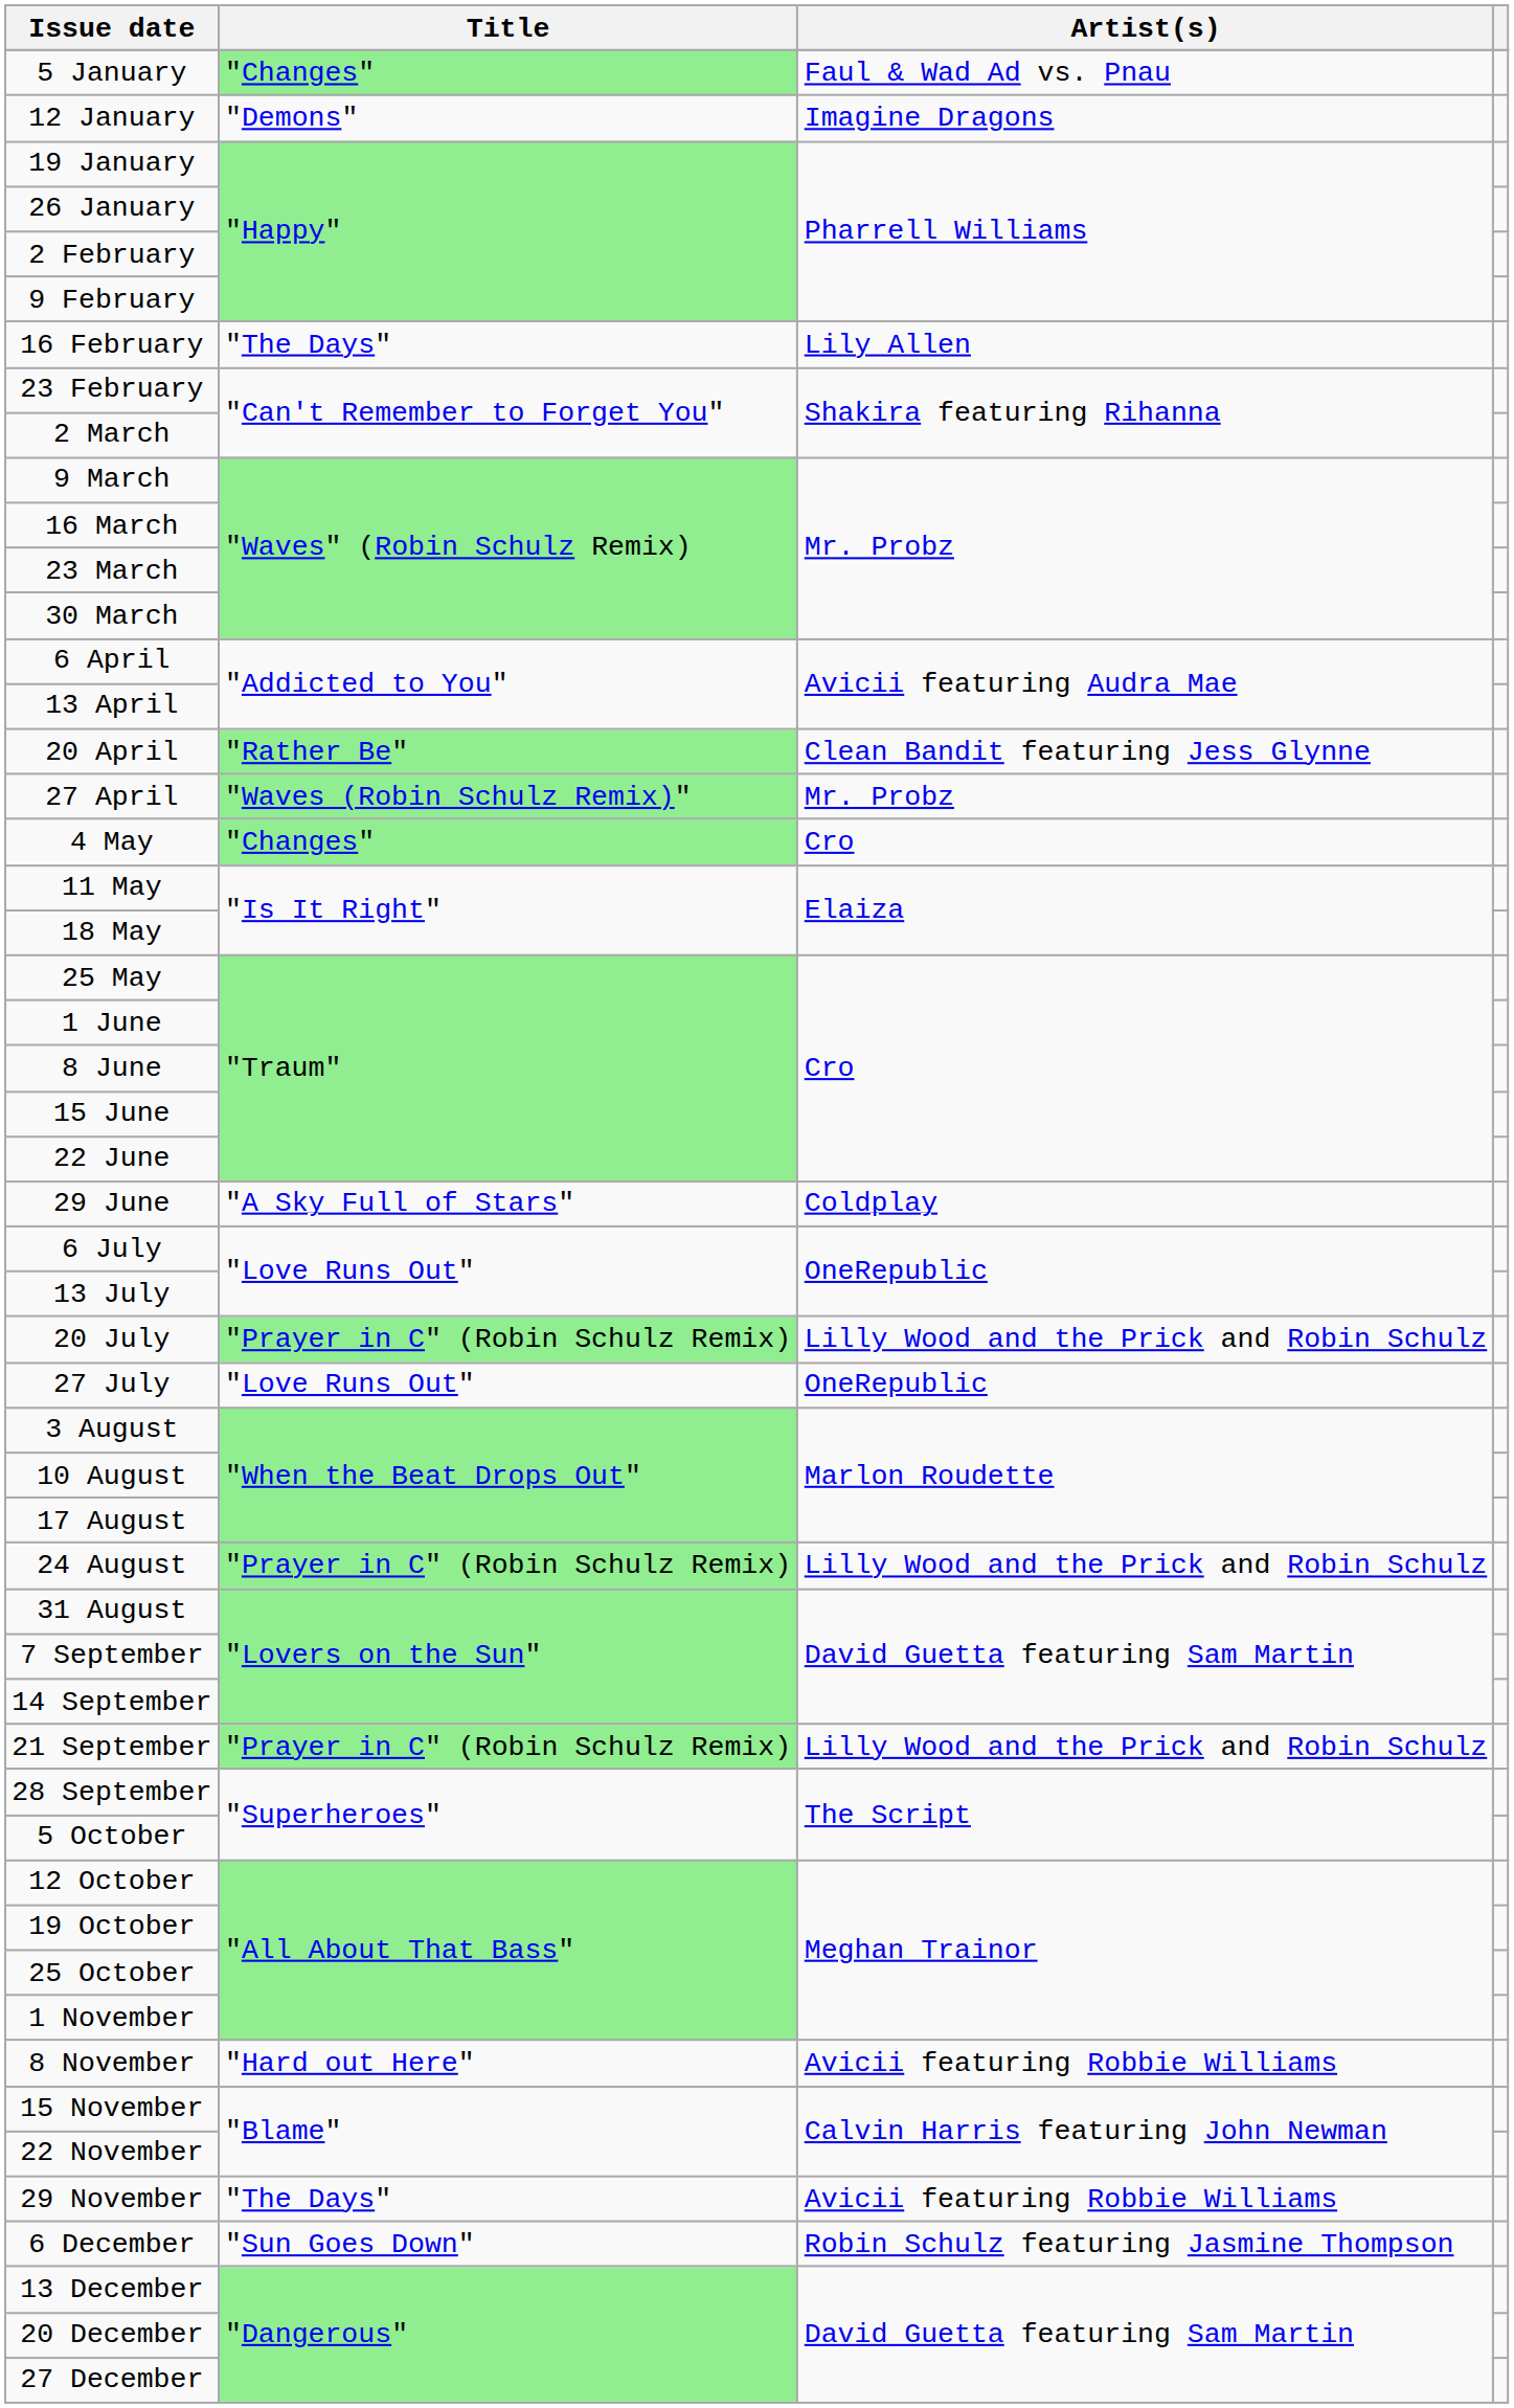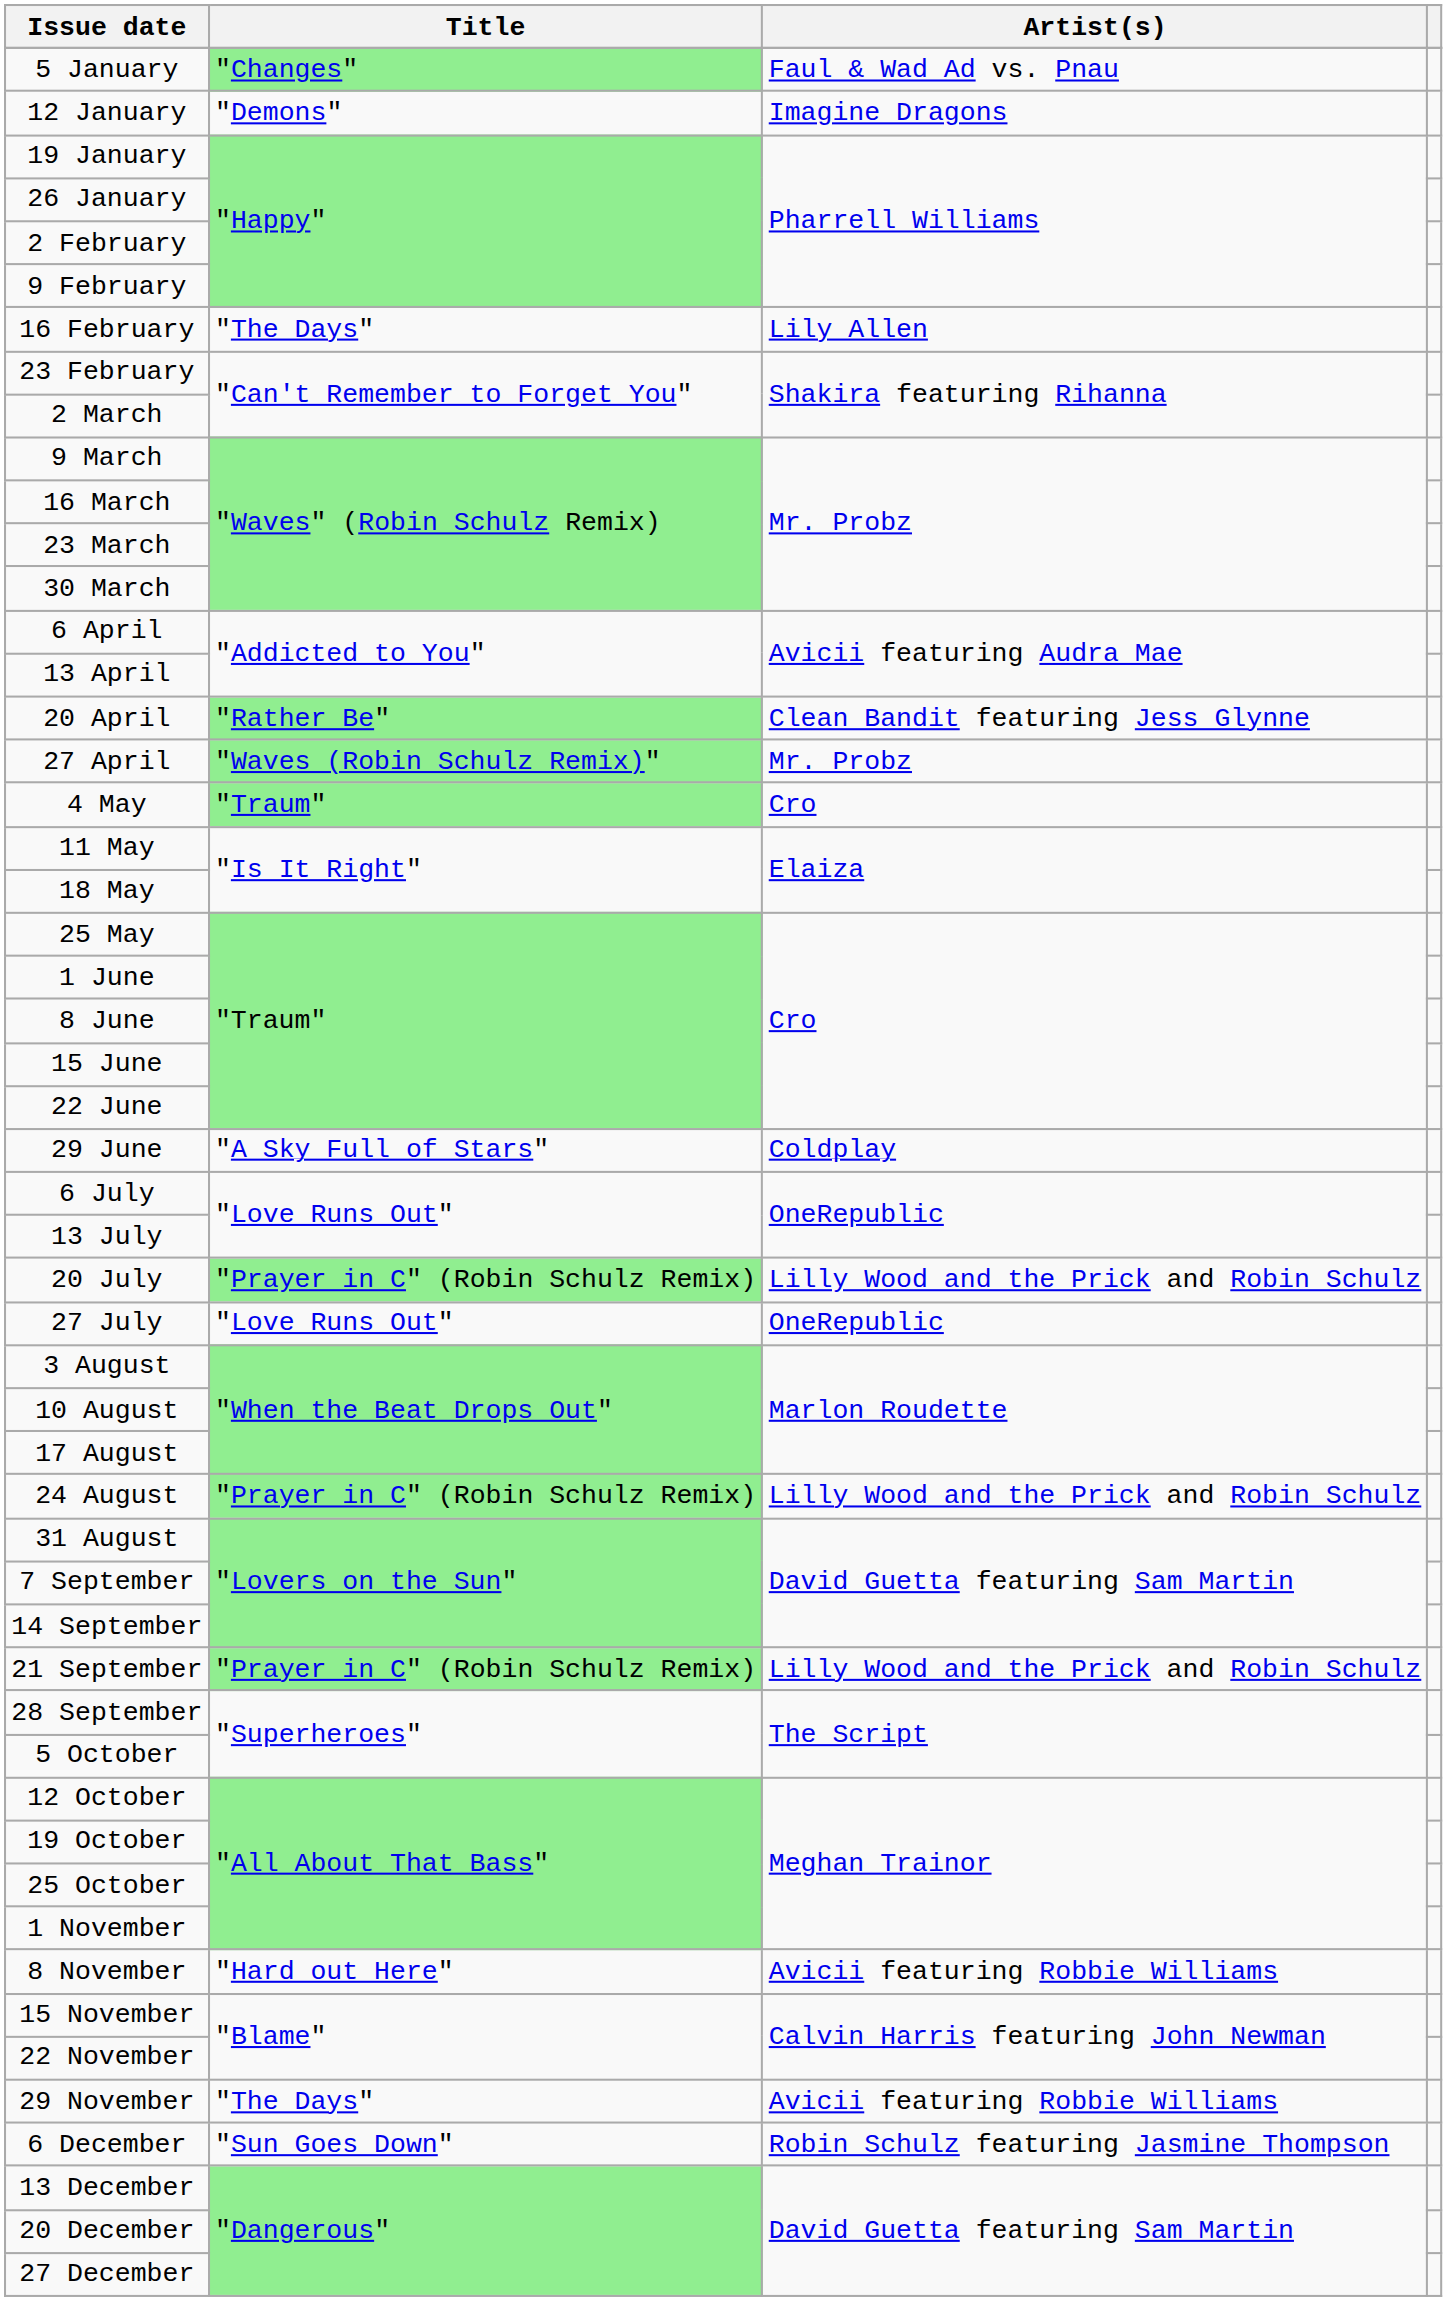 <table class="sortable wikitable sortable plainrowheaders">
 <tr>
 <th scope=col class="sortable">Issue date</th>
 <th scope=col class="sortable">Title</th>
 <th scope=col class="sortable">Artist(s)</th>
 <th scope=col class="unsortable"></th>
 </tr>
 <tr class=unsortable>
 </tr>
 <tr>
 <td scope="row" style="text-align:center;">5 January</td>
 <td scope="row" style="background-color:lightgreen">"<a href='#'>Changes</a>"  </td>
 <td><a href='#'>Faul & Wad Ad</a> vs. <a href='#'>Pnau</a></td>
 <td style="text-align:center;"></td>
 </tr>
 <tr>
 <td scope="row" style="text-align:center;">12 January</td>
 <td scope="row">"<a href='#'>Demons</a>"</td>
 <td><a href='#'>Imagine Dragons</a></td>
 <td style="text-align:center;"></td>
 </tr>
 <tr>
 <td scope="row" style="text-align:center;">19 January</td>
 <td scope="row" rowspan=4 style="background-color:lightgreen">"<a href='#'>Happy</a>" </td>
 <td rowspan=4><a href='#'>Pharrell Williams</a></td>
 <td style="text-align:center;"></td>
 </tr>
 <tr>
 <td scope="row" style="text-align:center;">26 January</td>
 <td style="text-align:center;"></td>
 </tr>
 <tr>
 <td scope="row" style="text-align:center;">2 February</td>
 <td style="text-align:center;"></td>
 </tr>
 <tr>
 <td scope="row" style="text-align:center;">9 February</td>
 <td style="text-align:center;"></td>
 </tr>
 <tr>
 <td scope="row" style="text-align:center;">16 February</td>
 <td scope="row">"<a href='#'>The Days</a>"</td>
 <td><a href='#'>Lily Allen</a></td>
 <td style="text-align:center;"></td>
 </tr>
 <tr>
 <td scope="row" style="text-align:center;">23 February</td>
 <td scope="row" rowspan=2>"<a href='#'>Can't Remember to Forget You</a>"</td>
 <td rowspan=2><a href='#'>Shakira</a> featuring <a href='#'>Rihanna</a></td>
 <td style="text-align:center;"></td>
 </tr>
 <tr>
 <td scope="row" style="text-align:center;">2 March</td>
 <td style="text-align:center;"></td>
 </tr>
 <tr>
 <td scope="row" style="text-align:center;">9 March</td>
 <td scope="row" rowspan=4 style="background-color:lightgreen">"<a href='#'>Waves</a>" (<a href='#'>Robin Schulz</a> Remix) </td>
 <td rowspan=4><a href='#'>Mr. Probz</a></td>
 <td style="text-align:center;"></td>
 </tr>
 <tr>
 <td scope="row" style="text-align:center;">16 March</td>
 <td style="text-align:center;"></td>
 </tr>
 <tr>
 <td scope="row" style="text-align:center;">23 March</td>
 <td style="text-align:center;"></td>
 </tr>
 <tr>
 <td scope="row" style="text-align:center;">30 March</td>
 <td style="text-align:center;"></td>
 </tr>
 <tr>
 <td scope="row" style="text-align:center;">6 April</td>
 <td scope="row" rowspan=2>"<a href='#'>Addicted to You</a>"</td>
 <td rowspan=2><a href='#'>Avicii</a> featuring <a href='#'>Audra Mae</a></td>
 <td style="text-align:center;"></td>
 </tr>
 <tr>
 <td scope="row" style="text-align:center;">13 April</td>
 <td style="text-align:center;"></td>
 </tr>
 <tr>
 <td scope="row" style="text-align:center;">20 April</td>
 <td scope="row" style="background-color:lightgreen">"<a href='#'>Rather Be</a>" </td>
 <td><a href='#'>Clean Bandit</a> featuring <a href='#'>Jess Glynne</a></td>
 <td style="text-align:center;"></td>
 </tr>
 <tr>
 <td scope="row" style="text-align:center;">27 April</td>
 <td scope="row" style="background-color:lightgreen">"<a href='#'>Waves (Robin Schulz Remix)</a>"  </td>
 <td><a href='#'>Mr. Probz</a></td>
 <td style="text-align:center;"></td>
 </tr>
 <tr>
 <td scope="row" style="text-align:center;">4 May</td>
-<td scope="row" style="background-color:lightgreen">"<a href='#'>Changes</a>"  </td>
+<td scope="row" style="background-color:lightgreen">"<a href='#'>Traum</a>"  </td>
 <td><a href='#'>Cro</a></td>
 <td style="text-align:center;"></td>
 </tr>
 <tr>
 <td scope="row" style="text-align:center;">11 May</td>
 <td rowspan="2">"<a href='#'>Is It Right</a>"</td>
 <td scope="row"  rowspan="2"><a href='#'>Elaiza</a></td>
 <td style="text-align:center;"></td>
 </tr>
 <tr>
 <td scope="row" style="text-align:center;">18 May</td>
 <td style="text-align:center;"></td>
 </tr>
 <tr>
 <td scope="row" style="text-align:center;">25 May</td>
 <td rowspan="5" style="background-color:lightgreen">"Traum" </td>
 <td scope="row"  rowspan="5"><a href='#'>Cro</a></td>
 <td style="text-align:center;"></td>
 </tr>
 <tr>
 <td scope="row" style="text-align:center;">1 June</td>
 <td style="text-align:center;"></td>
 </tr>
 <tr>
 <td scope="row" style="text-align:center;">8 June</td>
 <td style="text-align:center;"></td>
 </tr>
 <tr>
 <td scope="row" style="text-align:center;">15 June</td>
 <td style="text-align:center;"></td>
 </tr>
 <tr>
 <td scope="row" style="text-align:center;">22 June</td>
 <td style="text-align:center;"></td>
 </tr>
 <tr>
 <td scope="row" style="text-align:center;">29 June</td>
 <td scope="row">"<a href='#'>A Sky Full of Stars</a>"</td>
 <td><a href='#'>Coldplay</a></td>
 <td style="text-align:center;"></td>
 </tr>
 <tr>
 <td scope="row" style="text-align:center;">6 July</td>
 <td rowspan="2">"<a href='#'>Love Runs Out</a>"</td>
 <td scope="row"  rowspan="2"><a href='#'>OneRepublic</a></td>
 <td style="text-align:center;"></td>
 </tr>
 <tr>
 <td scope="row" style="text-align:center;">13 July</td>
 <td style="text-align:center;"></td>
 </tr>
 <tr>
 <td scope="row" style="text-align:center;">20 July</td>
 <td scope="row" style="background-color:lightgreen">"<a href='#'>Prayer in C</a>" (Robin Schulz Remix) </td>
 <td><a href='#'>Lilly Wood and the Prick</a> and <a href='#'>Robin Schulz</a></td>
 <td style="text-align:center;"></td>
 </tr>
 <tr>
 <td scope="row" style="text-align:center;">27 July</td>
 <td scope="row">"<a href='#'>Love Runs Out</a>"</td>
 <td><a href='#'>OneRepublic</a></td>
 <td style="text-align:center;"></td>
 </tr>
 <tr>
 <td scope="row" style="text-align:center;">3 August</td>
 <td rowspan="3" style="background-color:lightgreen">"<a href='#'>When the Beat Drops Out</a>" </td>
 <td scope="row"  rowspan="3"><a href='#'>Marlon Roudette</a></td>
 <td style="text-align:center;"></td>
 </tr>
 <tr>
 <td scope="row" style="text-align:center;">10 August</td>
 <td style="text-align:center;"></td>
 </tr>
 <tr>
 <td scope="row" style="text-align:center;">17 August</td>
 <td style="text-align:center;"></td>
 </tr>
 <tr>
 <td scope="row" style="text-align:center;">24 August</td>
 <td scope="row" style="background-color:lightgreen">"<a href='#'>Prayer in C</a>" (Robin Schulz Remix) </td>
 <td><a href='#'>Lilly Wood and the Prick</a> and <a href='#'>Robin Schulz</a></td>
 <td style="text-align:center;"></td>
 </tr>
 <tr>
 <td scope="row" style="text-align:center;">31 August</td>
 <td rowspan="3" style="background-color:lightgreen">"<a href='#'>Lovers on the Sun</a>" </td>
 <td scope="row"  rowspan="3"><a href='#'>David Guetta</a> featuring <a href='#'>Sam Martin</a></td>
 <td style="text-align:center;"></td>
 </tr>
 <tr>
 <td scope="row" style="text-align:center;">7 September</td>
 <td style="text-align:center;"></td>
 </tr>
 <tr>
 <td scope="row" style="text-align:center;">14 September</td>
 <td style="text-align:center;"></td>
 </tr>
 <tr>
 <td scope="row" style="text-align:center;">21 September</td>
 <td scope="row" style="background-color:lightgreen">"<a href='#'>Prayer in C</a>" (Robin Schulz Remix) </td>
 <td><a href='#'>Lilly Wood and the Prick</a> and <a href='#'>Robin Schulz</a></td>
 <td style="text-align:center;"></td>
 </tr>
 <tr>
 <td scope="row" style="text-align:center;">28 September</td>
 <td rowspan="2">"<a href='#'>Superheroes</a>"</td>
 <td scope="row"  rowspan="2"><a href='#'>The Script</a></td>
 <td style="text-align:center;"></td>
 </tr>
 <tr>
 <td scope="row" style="text-align:center;">5 October</td>
 <td style="text-align:center;"></td>
 </tr>
 <tr>
 <td scope="row" style="text-align:center;">12 October</td>
 <td rowspan="4" style="background-color:lightgreen">"<a href='#'>All About That Bass</a>" </td>
 <td scope="row"  rowspan="4"><a href='#'>Meghan Trainor</a></td>
 <td style="text-align:center;"></td>
 </tr>
 <tr>
 <td scope="row" style="text-align:center;">19 October</td>
 <td style="text-align:center;"></td>
 </tr>
 <tr>
 <td scope="row" style="text-align:center;">25 October</td>
 <td style="text-align:center;"></td>
 </tr>
 <tr>
 <td scope="row" style="text-align:center;">1 November</td>
 <td style="text-align:center;"></td>
 </tr>
 <tr>
 <td scope="row" style="text-align:center;">8 November</td>
 <td scope="row">"<a href='#'>Hard out Here</a>"</td>
 <td><a href='#'>Avicii</a> featuring <a href='#'>Robbie Williams</a></td>
 <td style="text-align:center;"></td>
 </tr>
 <tr>
 <td scope="row" style="text-align:center;">15 November</td>
 <td rowspan="2">"<a href='#'>Blame</a>"</td>
 <td scope="row"  rowspan="2"><a href='#'>Calvin Harris</a> featuring <a href='#'>John Newman</a></td>
 <td style="text-align:center;"></td>
 </tr>
 <tr>
 <td scope="row" style="text-align:center;">22 November</td>
 <td style="text-align:center;"></td>
 </tr>
 <tr>
 <td scope="row" style="text-align:center;">29 November</td>
 <td scope="row">"<a href='#'>The Days</a>"</td>
 <td><a href='#'>Avicii</a> featuring <a href='#'>Robbie Williams</a></td>
 <td style="text-align:center;"></td>
 </tr>
 <tr>
 <td scope="row" style="text-align:center;">6 December</td>
 <td scope="row">"<a href='#'>Sun Goes Down</a>"</td>
 <td><a href='#'>Robin Schulz</a> featuring <a href='#'>Jasmine Thompson</a></td>
 <td style="text-align:center;"></td>
 </tr>
 <tr>
 <td scope="row" style="text-align:center;">13 December</td>
 <td rowspan="3" style="background-color:lightgreen">"<a href='#'>Dangerous</a>" </td>
 <td scope="row"  rowspan="3"><a href='#'>David Guetta</a> featuring <a href='#'>Sam Martin</a></td>
 <td style="text-align:center;"></td>
 </tr>
 <tr>
 <td scope="row" style="text-align:center;">20 December</td>
 <td style="text-align:center;"></td>
 </tr>
 <tr>
 <td scope="row" style="text-align:center;">27 December</td>
 <td style="text-align:center;"></td>
 </tr>
 </table>
